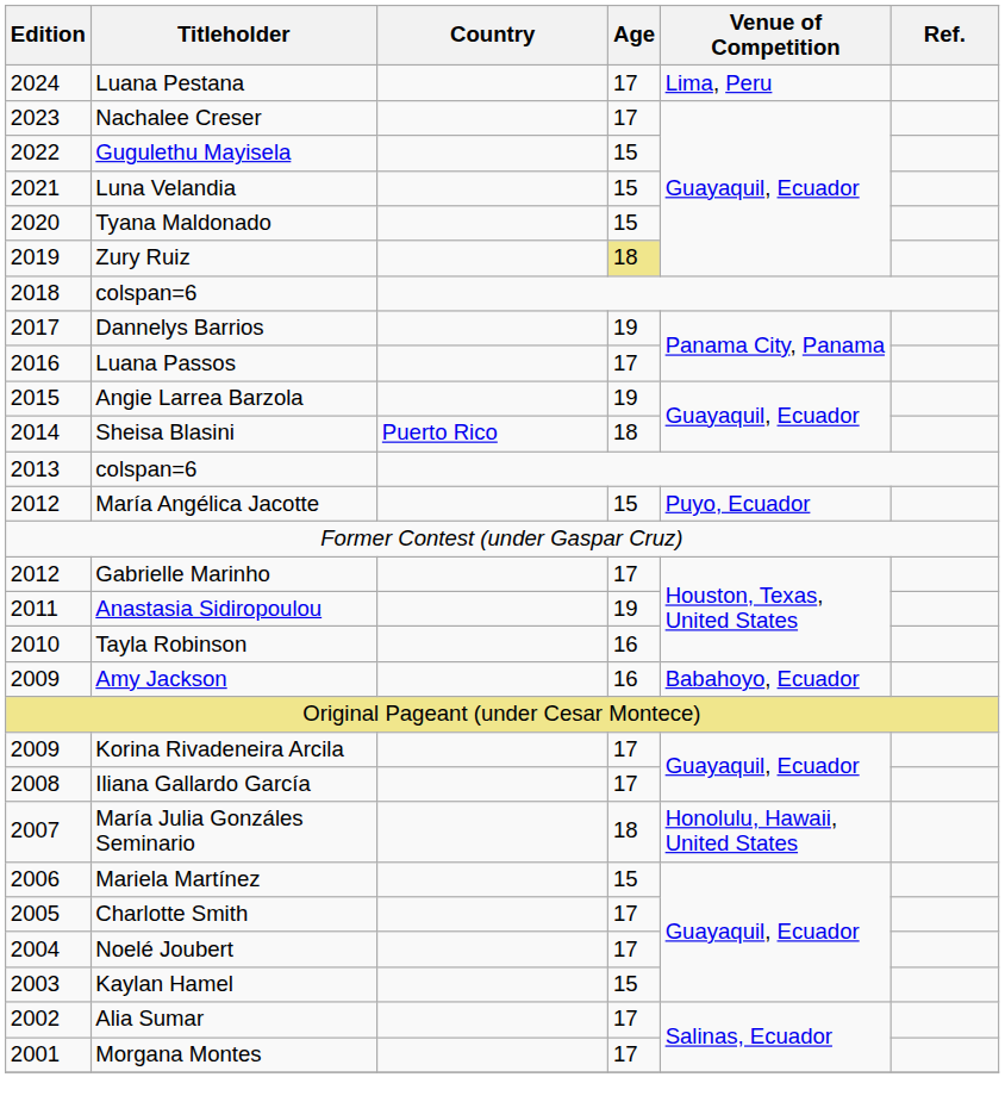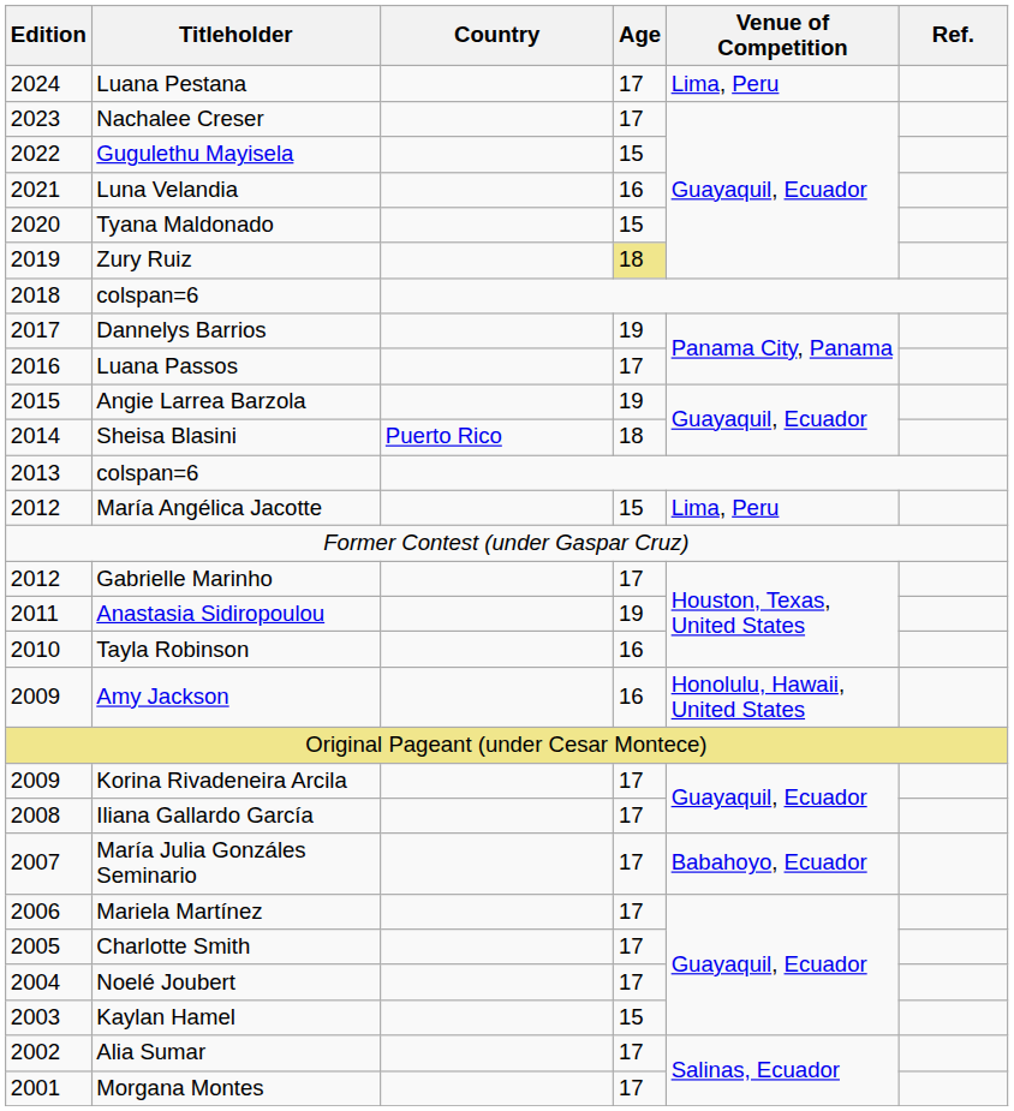 <table class="wikitable sortable" font-size: 60%;">
 <tr>
 <th width="40">Edition</th>
 <th width="200">Titleholder</th>
 <th width="160">Country</th>
 <th width="20">Age</th>
 <th width="160">Venue of Competition</th>
 <th width="70">Ref.</th>
 </tr>
 <tr>
 <td>2024</td>
 <td>Luana Pestana</td>
 <td></td>
 <td>17</td>
 <td><a href='#'>Lima</a>, <a href='#'>Peru</a></td>
 <td></td>
 </tr>
 <tr>
 <td>2023</td>
 <td>Nachalee Creser</td>
 <td></td>
 <td>17</td>
 <td rowspan=5><a href='#'>Guayaquil</a>, <a href='#'>Ecuador</a></td>
 <td></td>
 </tr>
 <tr>
 <td>2022</td>
 <td><a href='#'>Gugulethu Mayisela</a></td>
 <td></td>
 <td>15</td>
 <td></td>
 </tr>
 <tr>
 <td>2021</td>
 <td>Luna Velandia</td>
 <td></td>
-<td>15</td>
+<td>16</td>
 <td></td>
 </tr>
 <tr>
 <td>2020</td>
 <td>Tyana Maldonado</td>
 <td></td>
 <td>15</td>
 <td></td>
 </tr>
 <tr>
 <td>2019</td>
 <td>Zury Ruiz</td>
 <td></td>
 <td style="background: khaki;">18</td>
 <td></td>
 </tr>
 <tr>
 <td>2018</td>
 <td>colspan=6 </td>
 </tr>
 <tr>
 <td>2017</td>
 <td>Dannelys Barrios</td>
 <td></td>
 <td>19</td>
 <td rowspan=2><a href='#'>Panama City</a>, <a href='#'>Panama</a></td>
 <td></td>
 </tr>
 <tr>
 <td>2016</td>
 <td>Luana Passos</td>
 <td></td>
 <td>17</td>
 <td></td>
 </tr>
 <tr>
 <td>2015</td>
 <td>Angie Larrea Barzola</td>
 <td></td>
 <td>19</td>
 <td rowspan=2><a href='#'>Guayaquil</a>, <a href='#'>Ecuador</a></td>
 <td></td>
 </tr>
 <tr>
 <td>2014</td>
 <td>Sheisa Blasini</td>
 <td> <a href='#'>Puerto Rico</a></td>
 <td>18</td>
 <td></td>
 </tr>
 <tr>
 <td>2013</td>
 <td>colspan=6 </td>
 </tr>
 <tr>
 <td>2012</td>
 <td>María Angélica Jacotte</td>
 <td></td>
 <td>15</td>
-<td><a href='#'>Puyo, Ecuador</a></td>
+<td><a href='#'>Lima</a>, <a href='#'>Peru</a></td>
 <td></td>
 </tr>
 <tr>
 <td align=center colspan=7><em>Former Contest (under Gaspar Cruz)</em></td>
 </tr>
 <tr>
 <td>2012</td>
 <td>Gabrielle Marinho</td>
 <td></td>
 <td>17</td>
 <td rowspan=3><a href='#'>Houston, Texas</a>, <a href='#'>United States</a></td>
 <td></td>
 </tr>
 <tr>
 <td>2011</td>
 <td><a href='#'>Anastasia Sidiropoulou</a></td>
 <td></td>
 <td>19</td>
 <td></td>
 </tr>
 <tr>
 <td>2010</td>
 <td>Tayla Robinson</td>
 <td></td>
 <td>16</td>
 <td></td>
 </tr>
 <tr>
 <td>2009</td>
 <td><a href='#'>Amy Jackson</a></td>
 <td></td>
 <td>16</td>
-<td><a href='#'>Babahoyo</a>, <a href='#'>Ecuador</a></td>
+<td><a href='#'>Honolulu, Hawaii</a>, <a href='#'>United States</a></td>
 <td></td>
 </tr>
 <tr>
 <td bgcolor=khaki align=center colspan=7>Original Pageant (under Cesar Montece)</td>
 </tr>
 <tr>
 <td>2009</td>
 <td>Korina Rivadeneira Arcila</td>
 <td></td>
 <td>17</td>
 <td rowspan=2><a href='#'>Guayaquil</a>, <a href='#'>Ecuador</a></td>
 <td></td>
 </tr>
 <tr>
 <td>2008</td>
 <td>Iliana Gallardo García</td>
 <td></td>
 <td>17</td>
 <td></td>
 </tr>
 <tr>
 <td>2007</td>
 <td>María Julia Gonzáles Seminario</td>
 <td></td>
-<td>18</td>
-<td><a href='#'>Honolulu, Hawaii</a>, <a href='#'>United States</a></td>
+<td>17</td>
+<td><a href='#'>Babahoyo</a>, <a href='#'>Ecuador</a></td>
 <td></td>
 </tr>
 <tr>
 <td>2006</td>
 <td>Mariela Martínez</td>
 <td></td>
-<td>15</td>
+<td>17</td>
 <td rowspan=4><a href='#'>Guayaquil</a>, <a href='#'>Ecuador</a></td>
 <td></td>
 </tr>
 <tr>
 <td>2005</td>
 <td>Charlotte Smith</td>
 <td></td>
 <td>17</td>
 <td></td>
 </tr>
 <tr>
 <td>2004</td>
 <td>Noelé Joubert</td>
 <td></td>
 <td>17</td>
 <td></td>
 </tr>
 <tr>
 <td>2003</td>
 <td>Kaylan Hamel</td>
 <td></td>
 <td>15</td>
 <td></td>
 </tr>
 <tr>
 <td>2002</td>
 <td>Alia Sumar</td>
 <td></td>
 <td>17</td>
 <td rowspan=2><a href='#'>Salinas, Ecuador</a></td>
 <td></td>
 </tr>
 <tr>
 <td>2001</td>
 <td>Morgana Montes</td>
 <td></td>
 <td>17</td>
 <td></td>
 </tr>
 <tr>
 </tr>
 </table>
